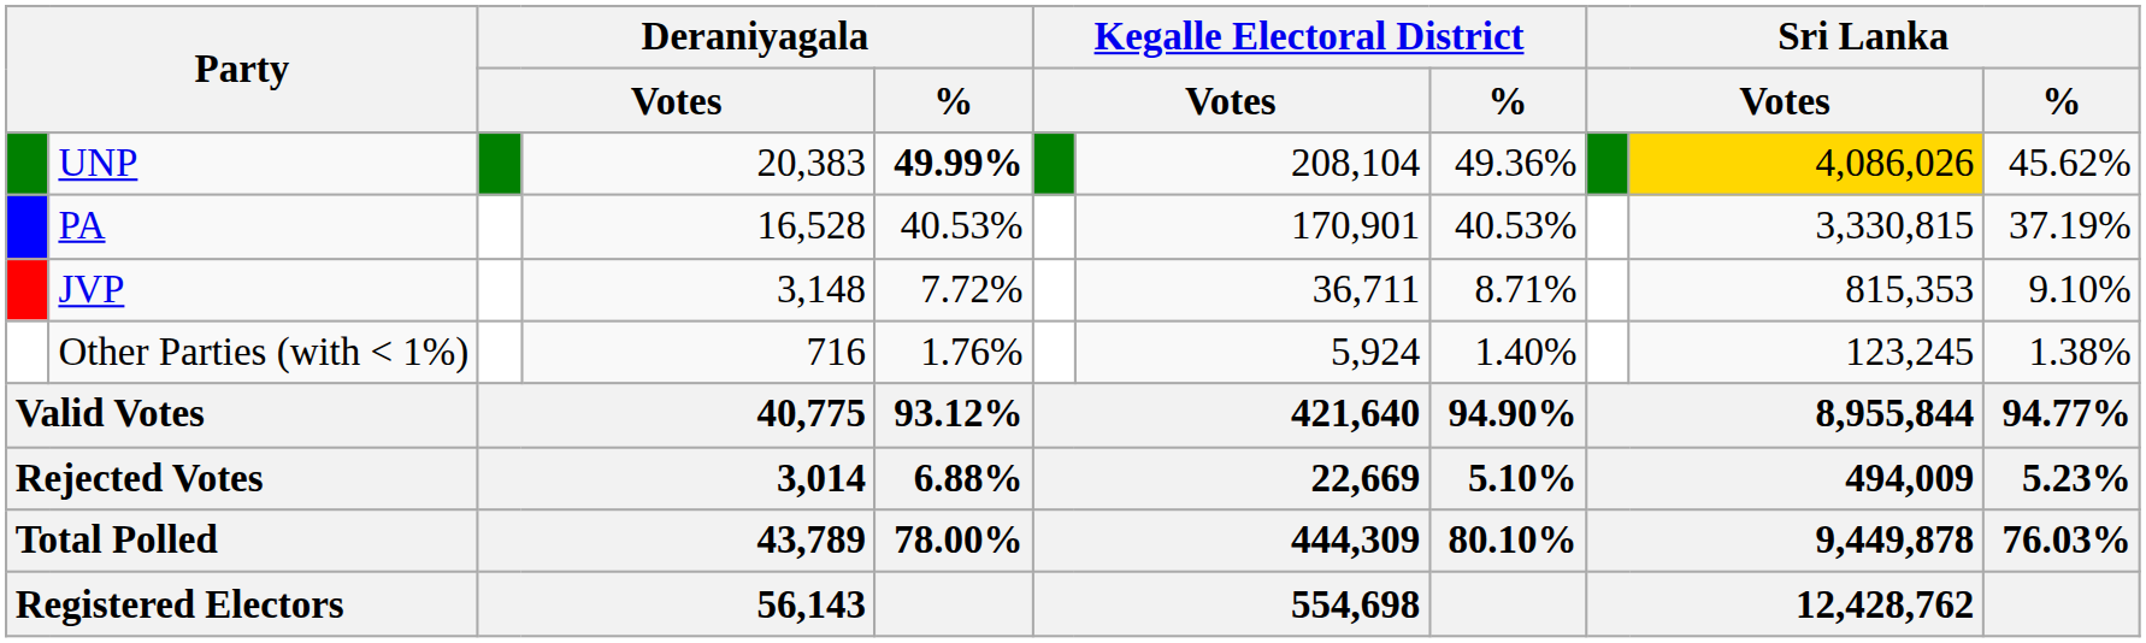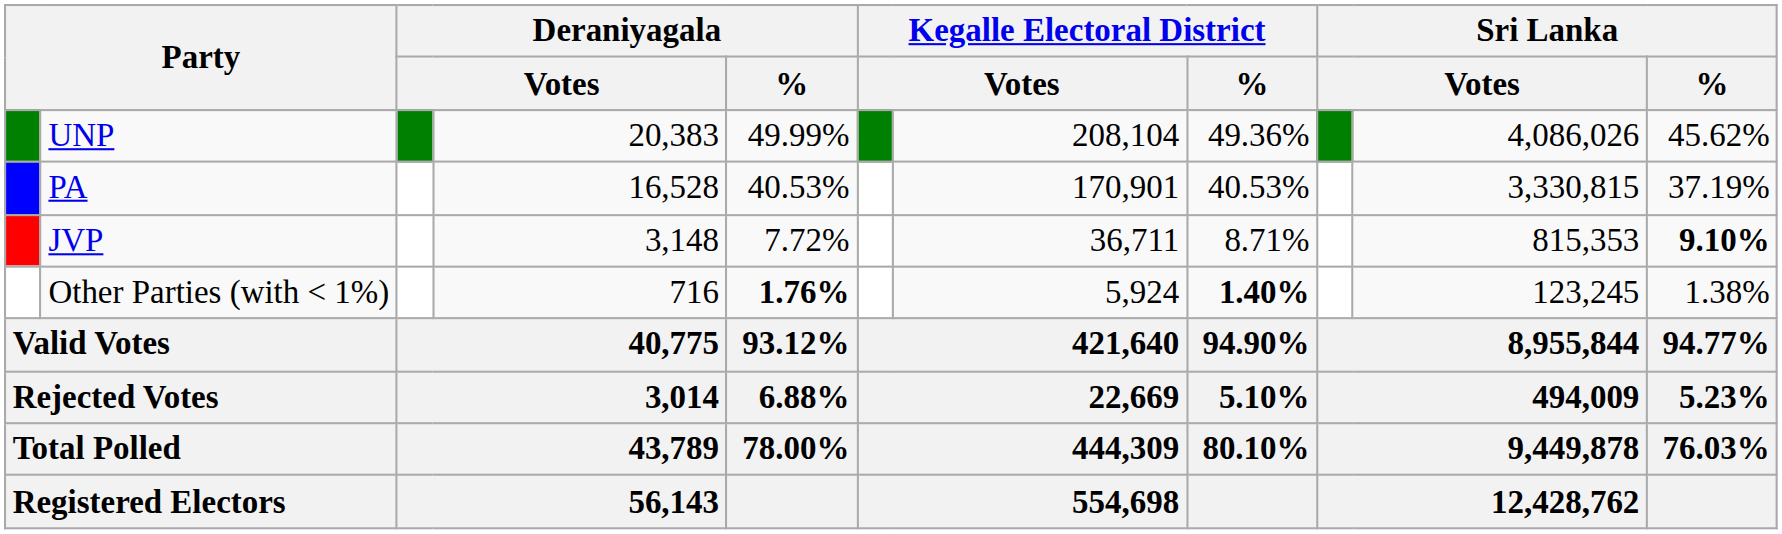 <table class="wikitable">
 <tr>
 <th colspan="2" width="144px"rowspan="2">Party</th>
 <th colspan="3" width="216px">Deraniyagala</th>
 <th colspan="3" width="216px"><a href='#'>Kegalle Electoral District</a></th>
 <th colspan="3" width="216px">Sri Lanka</th>
 </tr>
 <tr>
 <th colspan="2" width="144px">Votes</th>
 <th>%</th>
 <th colspan="2" width="144px">Votes</th>
 <th>%</th>
 <th colspan="2" width="144px">Votes</th>
 <th>%</th>
 </tr>
 <tr>
 <td style="background-color:green;" width="10px"></td>
 <td style="text-align:left;"><a href='#'>UNP</a></td>
 <td style="background-color:green;" width="10px"></td>
 <td style="text-align:right;">20,383</td>
-<td style="text-align:right;"><strong>49.99%</strong></td>
+<td style="text-align:right;">49.99%</td>
 <td style="background-color:green;" width="10px"></td>
 <td style="text-align:right;">208,104</td>
 <td style="text-align:right;">49.36%</td>
 <td style="background-color:green;" width="10px"></td>
-<td style="background: gold; text-align:right;">4,086,026</td>
+<td style="text-align:right;">4,086,026</td>
 <td style="text-align:right;">45.62%</td>
 </tr>
 <tr>
 <td style="background-color:blue;" width="10px"></td>
 <td style="text-align:left;"><a href='#'>PA</a></td>
 <td style="background-color:white;" width="10px"></td>
 <td style="text-align:right;">16,528</td>
 <td style="text-align:right;">40.53%</td>
 <td style="background-color:white;" width="10px"></td>
 <td style="text-align:right;">170,901</td>
 <td style="text-align:right;">40.53%</td>
 <td style="background-color:white;" width="10px"></td>
 <td style="text-align:right;">3,330,815</td>
 <td style="text-align:right;">37.19%</td>
 </tr>
 <tr>
 <td style="background-color:red;" width="10px"></td>
 <td style="text-align:left;"><a href='#'>JVP</a></td>
 <td style="background-color:white;" width="10px"></td>
 <td style="text-align:right;">3,148</td>
 <td style="text-align:right;">7.72%</td>
 <td style="background-color:white;" width="10px"></td>
 <td style="text-align:right;">36,711</td>
 <td style="text-align:right;">8.71%</td>
 <td style="background-color:white;" width="10px"></td>
 <td style="text-align:right;">815,353</td>
-<td style="text-align:right;">9.10%</td>
+<td style="text-align:right;"><strong>9.10%</strong></td>
 </tr>
 <tr>
 <td style="background-color:white;" width="10px"></td>
 <td style="text-align:left;">Other Parties (with < 1%)</td>
 <td style="background-color:white;" width="10px"></td>
 <td style="text-align:right;">716</td>
-<td style="text-align:right;">1.76%</td>
+<td style="text-align:right;"><strong>1.76%</strong></td>
 <td style="background-color:white;" width="10px"></td>
 <td style="text-align:right;">5,924</td>
-<td style="text-align:right;">1.40%</td>
+<td style="text-align:right;"><strong>1.40%</strong></td>
 <td style="background-color:white;" width="10px"></td>
 <td style="text-align:right;">123,245</td>
 <td style="text-align:right;">1.38%</td>
 </tr>
 <tr>
 <th colspan="2" width="144px"style="text-align:left;">Valid Votes</th>
 <th style="text-align:right;"colspan="2" width="144px">40,775</th>
 <th style="text-align:right;">93.12%</th>
 <th style="text-align:right;"colspan="2" width="144px">421,640</th>
 <th style="text-align:right;">94.90%</th>
 <th style="text-align:right;"colspan="2" width="144px">8,955,844</th>
 <th style="text-align:right;">94.77%</th>
 </tr>
 <tr>
 <th colspan="2" width="144px"style="text-align:left;">Rejected Votes</th>
 <th style="text-align:right;"colspan="2" width="144px">3,014</th>
 <th style="text-align:right;">6.88%</th>
 <th style="text-align:right;"colspan="2" width="144px">22,669</th>
 <th style="text-align:right;">5.10%</th>
 <th style="text-align:right;"colspan="2" width="144px">494,009</th>
 <th style="text-align:right;">5.23%</th>
 </tr>
 <tr>
 <th colspan="2" width="144px"style="text-align:left;">Total Polled</th>
 <th style="text-align:right;"colspan="2" width="144px">43,789</th>
 <th style="text-align:right;">78.00%</th>
 <th style="text-align:right;"colspan="2" width="144px">444,309</th>
 <th style="text-align:right;">80.10%</th>
 <th style="text-align:right;"colspan="2" width="144px">9,449,878</th>
 <th style="text-align:right;">76.03%</th>
 </tr>
 <tr>
 <th colspan="2" width="144px"style="text-align:left;">Registered Electors</th>
 <th style="text-align:right;"colspan="2" width="144px">56,143</th>
 <th></th>
 <th style="text-align:right;"colspan="2" width="144px">554,698</th>
 <th></th>
 <th style="text-align:right;"colspan="2" width="144px">12,428,762</th>
 <th></th>
 </tr>
 </table>
